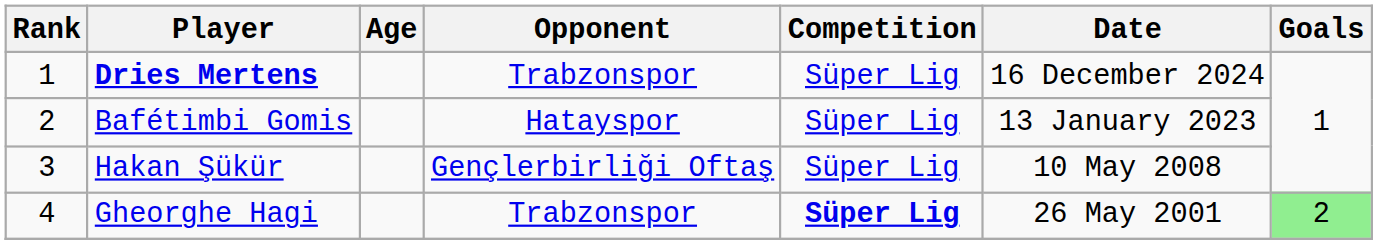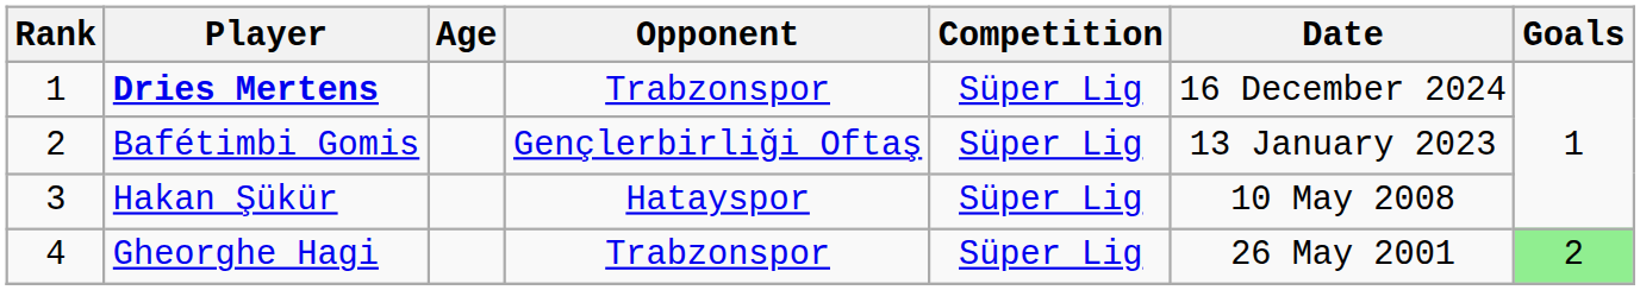 <table class="wikitable" style="text-align:center;margin-left:1em;float:left">
 <tr>
 <th>Rank</th>
 <th>Player</th>
 <th>Age</th>
 <th>Opponent</th>
 <th>Competition</th>
 <th>Date</th>
 <th>Goals</th>
 </tr>
 <tr>
 <td>1</td>
 <td style="text-align:left;"> <strong><a href='#'>Dries Mertens</a></strong></td>
 <td></td>
 <td><a href='#'>Trabzonspor</a></td>
 <td><a href='#'>Süper Lig</a></td>
 <td>16 December 2024</td>
 <td rowspan=3>1</td>
 </tr>
 <tr>
 <td>2</td>
 <td style="text-align:left;"> <a href='#'>Bafétimbi Gomis</a></td>
 <td></td>
-<td><a href='#'>Hatayspor</a></td>
+<td><a href='#'>Gençlerbirliği Oftaş</a></td>
 <td><a href='#'>Süper Lig</a></td>
 <td>13 January 2023</td>
 </tr>
 <tr>
 <td>3</td>
 <td style="text-align:left;"> <a href='#'>Hakan Şükür</a></td>
 <td></td>
-<td><a href='#'>Gençlerbirliği Oftaş</a></td>
+<td><a href='#'>Hatayspor</a></td>
 <td><a href='#'>Süper Lig</a></td>
 <td>10 May 2008</td>
 </tr>
 <tr>
 <td>4</td>
 <td style="text-align:left;"> <a href='#'>Gheorghe Hagi</a></td>
 <td></td>
 <td><a href='#'>Trabzonspor</a></td>
-<td><strong><a href='#'>Süper Lig</a></strong></td>
+<td><a href='#'>Süper Lig</a></td>
 <td>26 May 2001</td>
 <td style="background: lightgreen;">2</td>
 </tr>
 <tr>
 </tr>
 </table>
